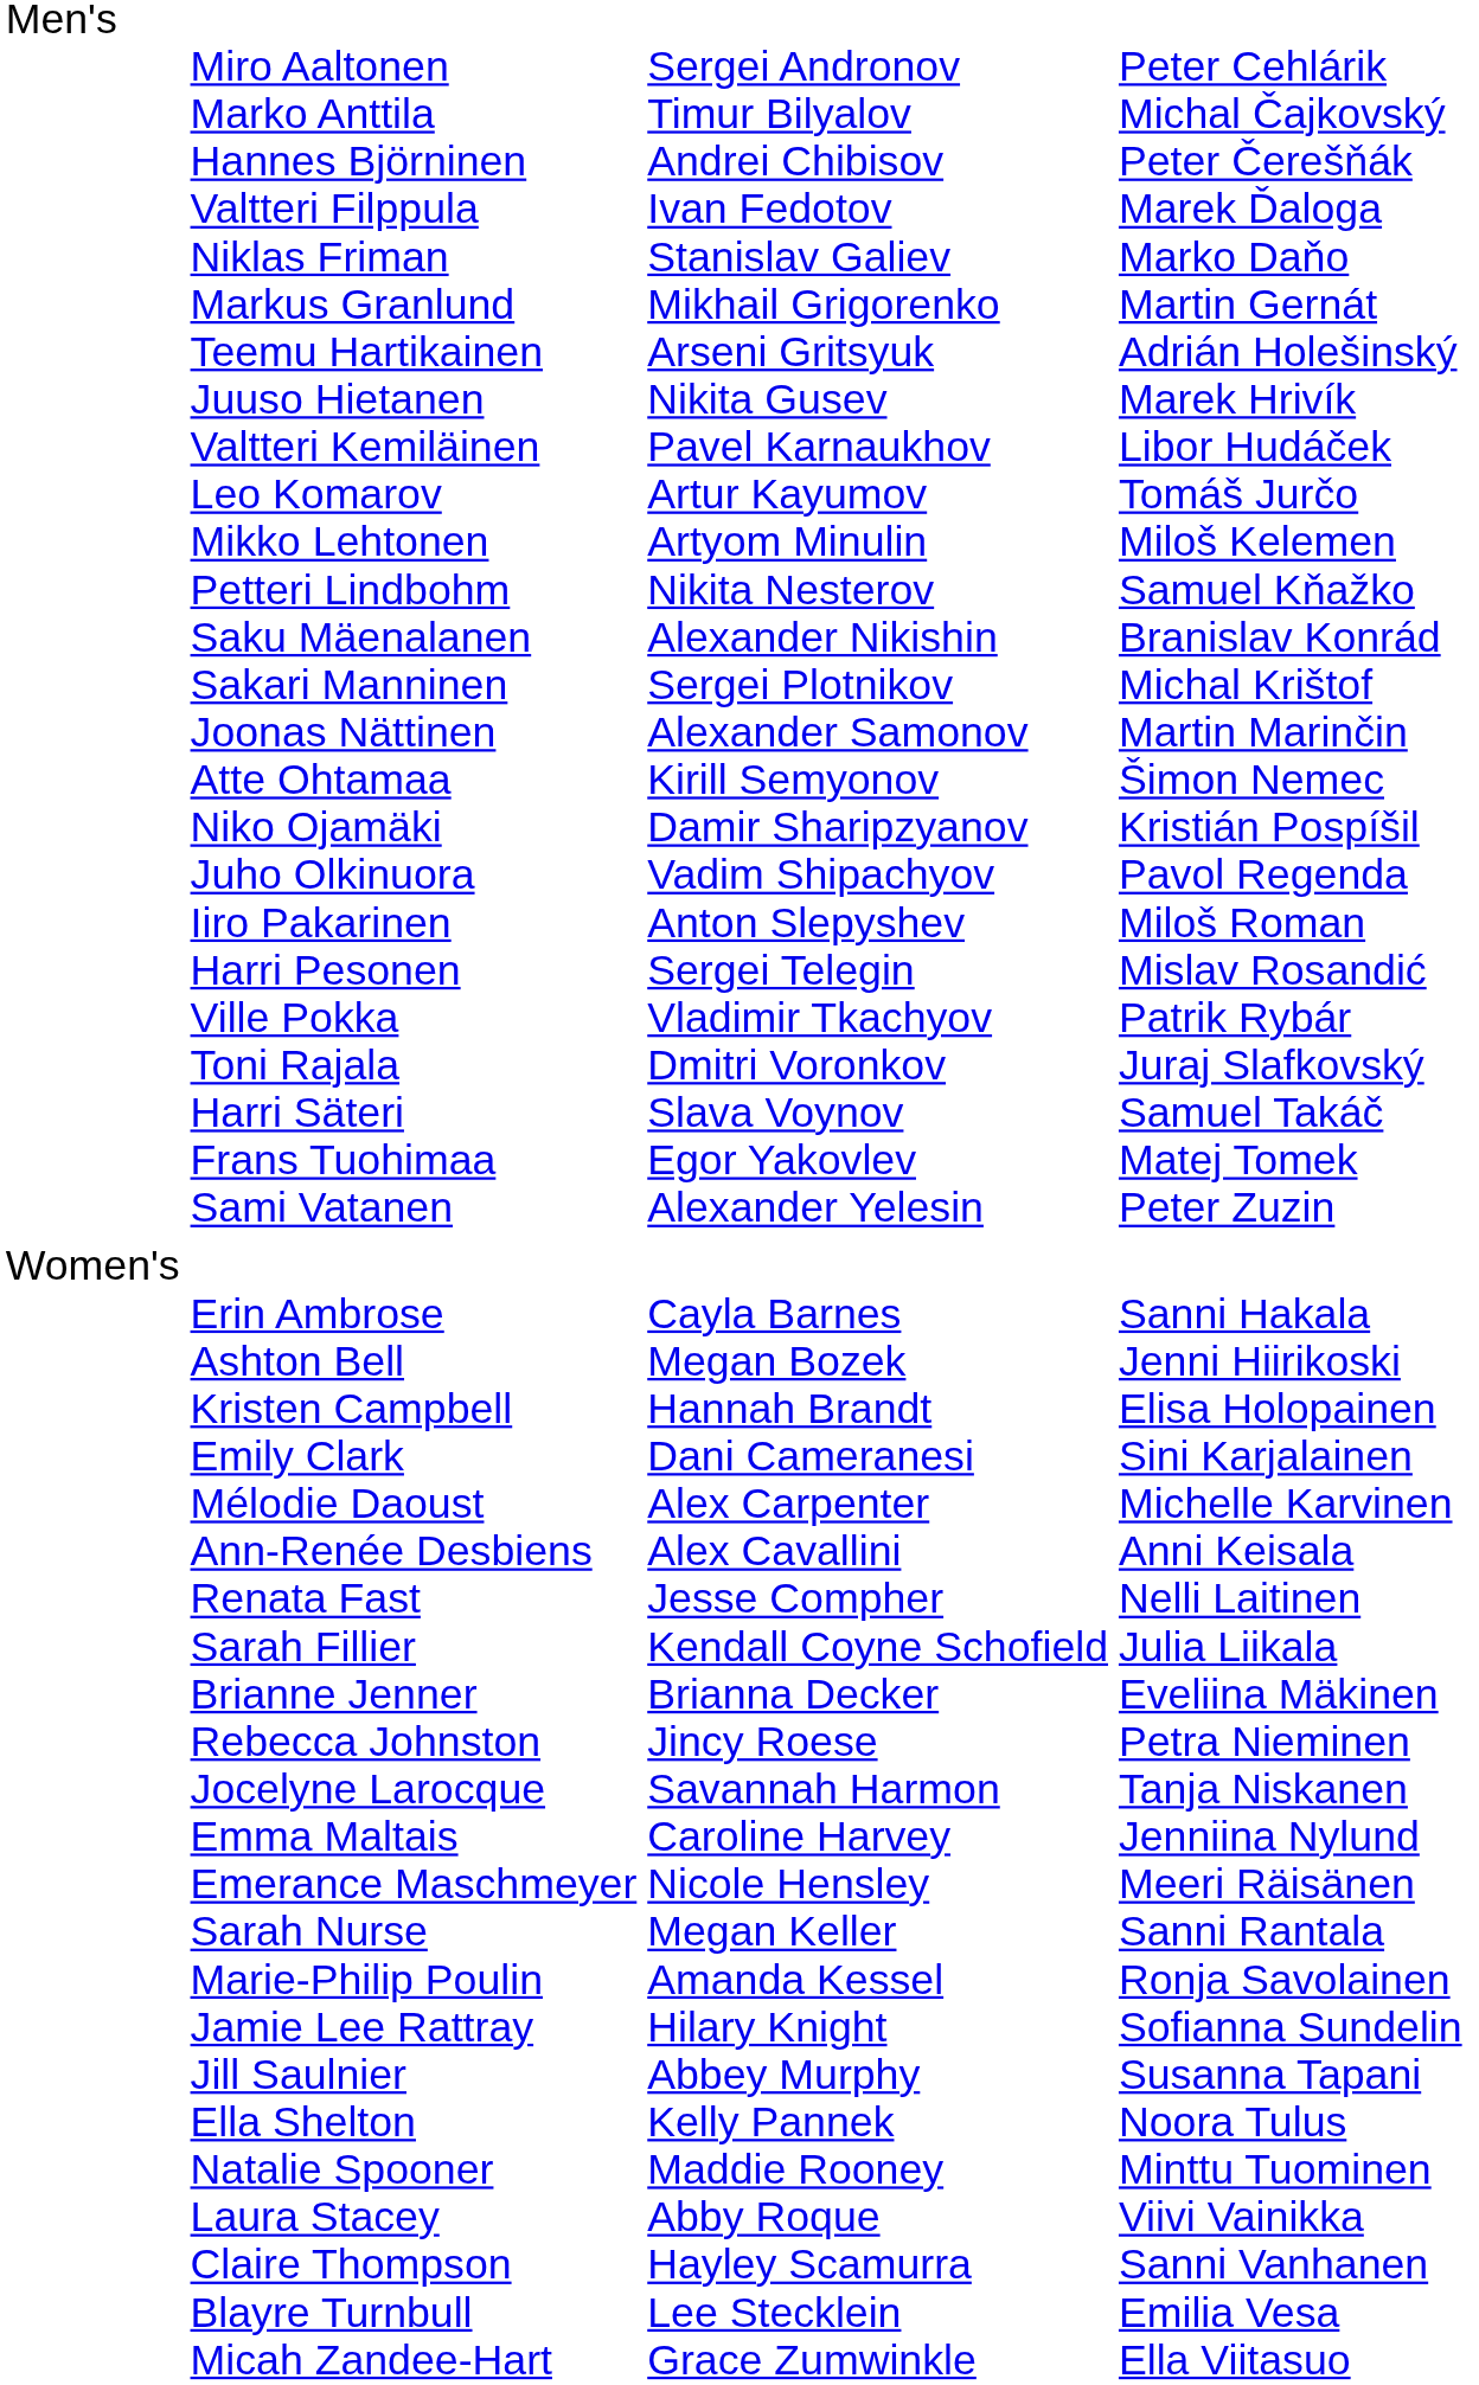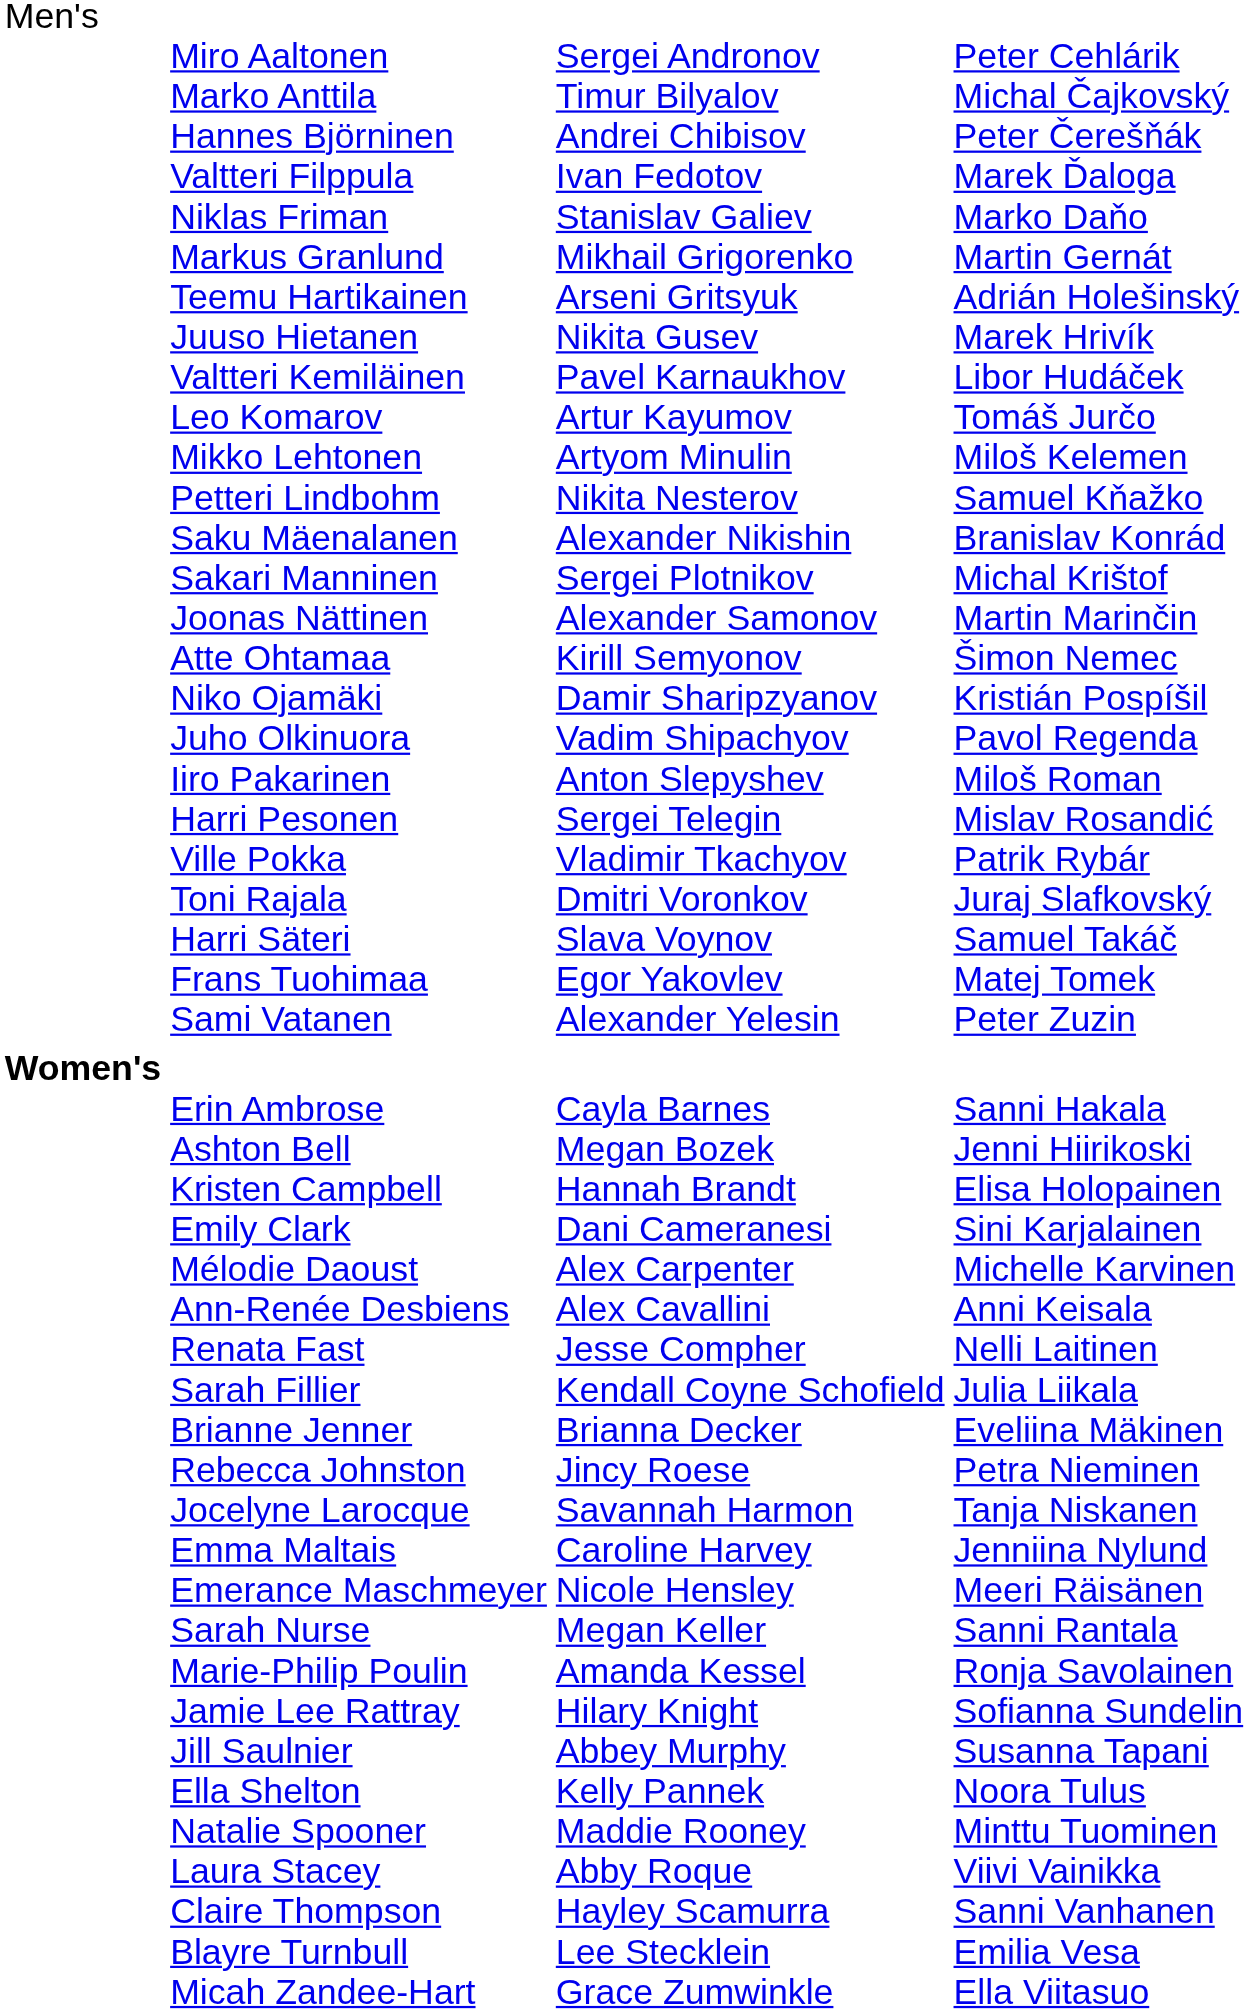 <table>
 <tr valign="top">
 <td>Men's<br></td>
 <td><br><a href='#'>Miro Aaltonen</a><br><a href='#'>Marko Anttila</a><br><a href='#'>Hannes Björninen</a><br><a href='#'>Valtteri Filppula</a><br><a href='#'>Niklas Friman</a><br><a href='#'>Markus Granlund</a><br><a href='#'>Teemu Hartikainen</a><br><a href='#'>Juuso Hietanen</a><br><a href='#'>Valtteri Kemiläinen</a><br><a href='#'>Leo Komarov</a><br><a href='#'>Mikko Lehtonen</a><br><a href='#'>Petteri Lindbohm</a><br><a href='#'>Saku Mäenalanen</a><br><a href='#'>Sakari Manninen</a><br><a href='#'>Joonas Nättinen</a><br><a href='#'>Atte Ohtamaa</a><br><a href='#'>Niko Ojamäki</a><br><a href='#'>Juho Olkinuora</a><br><a href='#'>Iiro Pakarinen</a><br><a href='#'>Harri Pesonen</a><br><a href='#'>Ville Pokka</a><br><a href='#'>Toni Rajala</a><br><a href='#'>Harri Säteri</a><br><a href='#'>Frans Tuohimaa</a><br><a href='#'>Sami Vatanen</a></td>
 <td><br><a href='#'>Sergei Andronov</a><br><a href='#'>Timur Bilyalov</a><br><a href='#'>Andrei Chibisov</a><br><a href='#'>Ivan Fedotov</a><br><a href='#'>Stanislav Galiev</a><br><a href='#'>Mikhail Grigorenko</a><br><a href='#'>Arseni Gritsyuk</a><br><a href='#'>Nikita Gusev</a><br><a href='#'>Pavel Karnaukhov</a><br><a href='#'>Artur Kayumov</a><br><a href='#'>Artyom Minulin</a><br><a href='#'>Nikita Nesterov</a><br><a href='#'>Alexander Nikishin</a><br><a href='#'>Sergei Plotnikov</a><br><a href='#'>Alexander Samonov</a><br><a href='#'>Kirill Semyonov</a><br><a href='#'>Damir Sharipzyanov</a><br><a href='#'>Vadim Shipachyov</a><br><a href='#'>Anton Slepyshev</a><br><a href='#'>Sergei Telegin</a><br><a href='#'>Vladimir Tkachyov</a><br><a href='#'>Dmitri Voronkov</a><br><a href='#'>Slava Voynov</a><br><a href='#'>Egor Yakovlev</a><br><a href='#'>Alexander Yelesin</a></td>
 <td><br><a href='#'>Peter Cehlárik</a><br><a href='#'>Michal Čajkovský</a><br><a href='#'>Peter Čerešňák</a><br><a href='#'>Marek Ďaloga</a><br><a href='#'>Marko Daňo</a><br><a href='#'>Martin Gernát</a><br><a href='#'>Adrián Holešinský</a><br><a href='#'>Marek Hrivík</a><br><a href='#'>Libor Hudáček</a><br><a href='#'>Tomáš Jurčo</a><br><a href='#'>Miloš Kelemen</a><br><a href='#'>Samuel Kňažko</a><br><a href='#'>Branislav Konrád</a><br><a href='#'>Michal Krištof</a><br><a href='#'>Martin Marinčin</a><br><a href='#'>Šimon Nemec</a><br><a href='#'>Kristián Pospíšil</a><br><a href='#'>Pavol Regenda</a><br><a href='#'>Miloš Roman</a><br><a href='#'>Mislav Rosandić</a><br><a href='#'>Patrik Rybár</a><br><a href='#'>Juraj Slafkovský</a><br><a href='#'>Samuel Takáč</a><br><a href='#'>Matej Tomek</a><br><a href='#'>Peter Zuzin</a></td>
 </tr>
 <tr valign="top">
-<td>Women's<br></td>
+<td><strong>Women's<br></strong></td>
 <td><br><a href='#'>Erin Ambrose</a><br><a href='#'>Ashton Bell</a><br><a href='#'>Kristen Campbell</a><br><a href='#'>Emily Clark</a><br><a href='#'>Mélodie Daoust</a><br><a href='#'>Ann-Renée Desbiens</a><br><a href='#'>Renata Fast</a><br><a href='#'>Sarah Fillier</a><br><a href='#'>Brianne Jenner</a><br><a href='#'>Rebecca Johnston</a><br><a href='#'>Jocelyne Larocque</a><br><a href='#'>Emma Maltais</a><br><a href='#'>Emerance Maschmeyer</a><br><a href='#'>Sarah Nurse</a><br><a href='#'>Marie-Philip Poulin</a><br><a href='#'>Jamie Lee Rattray</a><br><a href='#'>Jill Saulnier</a><br><a href='#'>Ella Shelton</a><br><a href='#'>Natalie Spooner</a><br><a href='#'>Laura Stacey</a><br><a href='#'>Claire Thompson</a><br><a href='#'>Blayre Turnbull</a><br><a href='#'>Micah Zandee-Hart</a></td>
 <td><br><a href='#'>Cayla Barnes</a><br><a href='#'>Megan Bozek</a><br><a href='#'>Hannah Brandt</a><br><a href='#'>Dani Cameranesi</a><br><a href='#'>Alex Carpenter</a><br><a href='#'>Alex Cavallini</a><br><a href='#'>Jesse Compher</a><br><a href='#'>Kendall Coyne Schofield</a><br><a href='#'>Brianna Decker</a><br><a href='#'>Jincy Roese</a><br><a href='#'>Savannah Harmon</a><br><a href='#'>Caroline Harvey</a><br><a href='#'>Nicole Hensley</a><br><a href='#'>Megan Keller</a><br><a href='#'>Amanda Kessel</a><br><a href='#'>Hilary Knight</a><br><a href='#'>Abbey Murphy</a><br><a href='#'>Kelly Pannek</a><br><a href='#'>Maddie Rooney</a><br><a href='#'>Abby Roque</a><br><a href='#'>Hayley Scamurra</a><br><a href='#'>Lee Stecklein</a><br><a href='#'>Grace Zumwinkle</a></td>
 <td><br><a href='#'>Sanni Hakala</a><br><a href='#'>Jenni Hiirikoski</a><br><a href='#'>Elisa Holopainen</a><br><a href='#'>Sini Karjalainen</a><br><a href='#'>Michelle Karvinen</a><br><a href='#'>Anni Keisala</a><br><a href='#'>Nelli Laitinen</a><br><a href='#'>Julia Liikala</a><br><a href='#'>Eveliina Mäkinen</a><br><a href='#'>Petra Nieminen</a><br><a href='#'>Tanja Niskanen</a><br><a href='#'>Jenniina Nylund</a><br><a href='#'>Meeri Räisänen</a><br><a href='#'>Sanni Rantala</a><br><a href='#'>Ronja Savolainen</a><br><a href='#'>Sofianna Sundelin</a><br><a href='#'>Susanna Tapani</a><br><a href='#'>Noora Tulus</a><br><a href='#'>Minttu Tuominen</a><br><a href='#'>Viivi Vainikka</a><br><a href='#'>Sanni Vanhanen</a><br><a href='#'>Emilia Vesa</a><br><a href='#'>Ella Viitasuo</a></td>
 </tr>
 </table>
